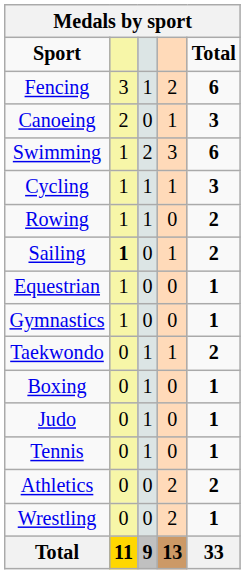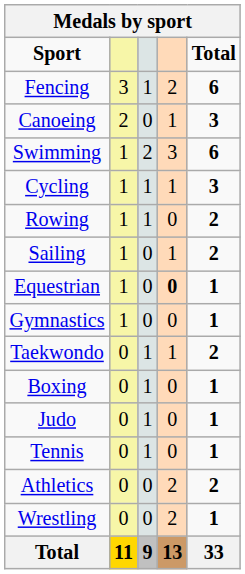 <table class="wikitable" style="font-size:85%">
 <tr style="background:#efefef;">
 <th colspan=5><strong>Medals by sport</strong></th>
 </tr>
 <tr align=center>
 <td><strong>Sport</strong></td>
 <td bgcolor=#f7f6a8></td>
 <td bgcolor=#dce5e5></td>
 <td bgcolor=#ffdab9></td>
 <td><strong>Total</strong></td>
 </tr>
 <tr align=center>
 <td><a href='#'>Fencing</a></td>
 <td style="background:#F7F6A8;">3</td>
 <td style="background:#DCE5E5;">1</td>
 <td style="background:#FFDAB9;">2</td>
 <td><strong>6</strong></td>
 </tr>
 <tr align=center>
 <td><a href='#'>Canoeing</a></td>
 <td style="background:#F7F6A8;">2</td>
 <td style="background:#DCE5E5;">0</td>
 <td style="background:#FFDAB9;">1</td>
 <td><strong>3</strong></td>
 </tr>
 <tr align=center>
 <td><a href='#'>Swimming</a></td>
 <td style="background:#F7F6A8;">1</td>
 <td style="background:#DCE5E5;">2</td>
 <td style="background:#FFDAB9;">3</td>
 <td><strong>6</strong></td>
 </tr>
 <tr align=center>
 <td><a href='#'>Cycling</a></td>
 <td style="background:#F7F6A8;">1</td>
 <td style="background:#DCE5E5;">1</td>
 <td style="background:#FFDAB9;">1</td>
 <td><strong>3</strong></td>
 </tr>
 <tr align=center>
 <td><a href='#'>Rowing</a></td>
 <td style="background:#F7F6A8;">1</td>
 <td style="background:#DCE5E5;">1</td>
 <td style="background:#FFDAB9;">0</td>
 <td><strong>2</strong></td>
 </tr>
 <tr align=center>
 <td><a href='#'>Sailing</a></td>
-<td style="background:#F7F6A8;"><strong>1</strong></td>
+<td style="background:#F7F6A8;">1</td>
 <td style="background:#DCE5E5;">0</td>
 <td style="background:#FFDAB9;">1</td>
 <td><strong>2</strong></td>
 </tr>
 <tr align=center>
 <td><a href='#'>Equestrian</a></td>
 <td style="background:#F7F6A8;">1</td>
 <td style="background:#DCE5E5;">0</td>
-<td style="background:#FFDAB9;">0</td>
+<td style="background:#FFDAB9;"><strong>0</strong></td>
 <td><strong>1</strong></td>
 </tr>
 <tr align=center>
 <td><a href='#'>Gymnastics</a></td>
 <td style="background:#F7F6A8;">1</td>
 <td style="background:#DCE5E5;">0</td>
 <td style="background:#FFDAB9;">0</td>
 <td><strong>1</strong></td>
 </tr>
 <tr align=center>
 <td><a href='#'>Taekwondo</a></td>
 <td style="background:#F7F6A8;">0</td>
 <td style="background:#DCE5E5;">1</td>
 <td style="background:#FFDAB9;">1</td>
 <td><strong>2</strong></td>
 </tr>
 <tr align=center>
 <td><a href='#'>Boxing</a></td>
 <td style="background:#F7F6A8;">0</td>
 <td style="background:#DCE5E5;">1</td>
 <td style="background:#FFDAB9;">0</td>
 <td><strong>1</strong></td>
 </tr>
 <tr align=center>
 <td><a href='#'>Judo</a></td>
 <td style="background:#F7F6A8;">0</td>
 <td style="background:#DCE5E5;">1</td>
 <td style="background:#FFDAB9;">0</td>
 <td><strong>1</strong></td>
 </tr>
 <tr align=center>
 <td><a href='#'>Tennis</a></td>
 <td style="background:#F7F6A8;">0</td>
 <td style="background:#DCE5E5;">1</td>
 <td style="background:#FFDAB9;">0</td>
 <td><strong>1</strong></td>
 </tr>
 <tr align=center>
 <td><a href='#'>Athletics</a></td>
 <td style="background:#F7F6A8;">0</td>
 <td style="background:#DCE5E5;">0</td>
 <td style="background:#FFDAB9;">2</td>
 <td><strong>2</strong></td>
 </tr>
 <tr align=center>
 <td><a href='#'>Wrestling</a></td>
 <td style="background:#F7F6A8;">0</td>
 <td style="background:#DCE5E5;">0</td>
 <td style="background:#FFDAB9;">2</td>
 <td><strong>1</strong></td>
 </tr>
 <tr align=center>
 <th><strong>Total</strong></th>
 <th style="background:gold;"><strong>11</strong></th>
 <th style="background:silver;"><strong>9</strong></th>
 <th style="background:#c96;"><strong>13</strong></th>
 <th><strong>33</strong></th>
 </tr>
 </table>
